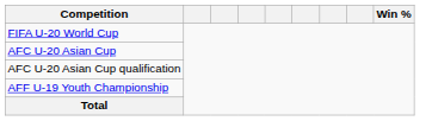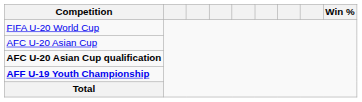 <table class="wikitable" style="text-align:center;">
 <tr>
 <th>Competition</th>
 <th width="30"></th>
 <th width="30"></th>
 <th width="30"></th>
 <th width="30"></th>
 <th width="30"></th>
 <th width="30"></th>
 <th width="30"></th>
 <th>Win %</th>
 </tr>
 <tr>
 <td align="left"><a href='#'>FIFA U-20 World Cup</a><br></td>
 </tr>
 <tr>
 <td align="left"><a href='#'>AFC U-20 Asian Cup</a><br></td>
 </tr>
 <tr>
-<td align="left">AFC U-20 Asian Cup qualification<br></td>
+<td align="left"><strong>AFC U-20 Asian Cup qualification<br></strong></td>
 </tr>
 <tr>
-<td align="left"><a href='#'>AFF U-19 Youth Championship</a><br></td>
+<td align="left"><strong><a href='#'>AFF U-19 Youth Championship</a><br></strong></td>
 </tr>
 <tr>
 <th>Total<br></th>
 </tr>
 </table>
